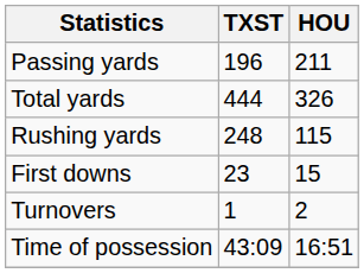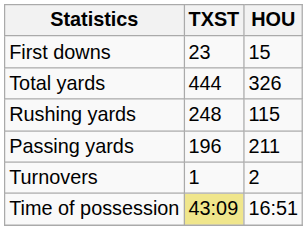 <table class="wikitable">
 <tr>
 <th>Statistics</th>
 <th>TXST</th>
 <th>HOU</th>
 </tr>
 <tr>
-<td>Passing yards</td>
-<td>196</td>
-<td>211</td>
+<td>First downs</td>
+<td>23</td>
+<td>15</td>
 </tr>
 <tr>
 <td>Total yards</td>
 <td>444</td>
 <td>326</td>
 </tr>
 <tr>
 <td>Rushing yards</td>
 <td>248</td>
 <td>115</td>
 </tr>
 <tr>
-<td>First downs</td>
-<td>23</td>
-<td>15</td>
+<td>Passing yards</td>
+<td>196</td>
+<td>211</td>
 </tr>
 <tr>
 <td>Turnovers</td>
 <td>1</td>
 <td>2</td>
 </tr>
 <tr>
 <td>Time of possession</td>
-<td>43:09</td>
+<td style="background: khaki;">43:09</td>
 <td>16:51</td>
 </tr>
 <tr>
 </tr>
 </table>
